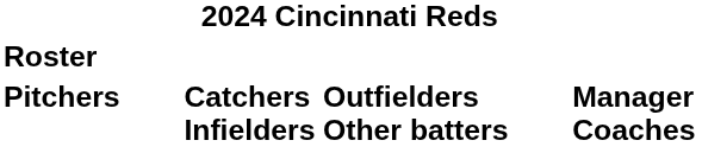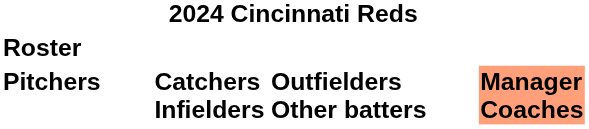 <table class="toccolours" style="font-size: 95%;">
 <tr>
 <th colspan="10">2024 Cincinnati Reds</th>
 </tr>
 <tr>
 <td colspan="10"><strong>Roster</strong></td>
 </tr>
 <tr>
 <td valign="top"><strong>Pitchers</strong><br>                              </td>
 <td width="25px"></td>
 <td valign="top"><strong>Catchers</strong><br>   <strong>Infielders</strong>          </td>
 <td valign="top"><strong>Outfielders</strong><br>               <strong>Other batters</strong>  </td>
 <td width="25px"></td>
-<td valign="top"><strong>Manager</strong><br>  <strong>Coaches</strong>                      </td>
+<td valign="top" style="background: lightsalmon;"><strong>Manager</strong><br>  <strong>Coaches</strong>                      </td>
 </tr>
 </table>
